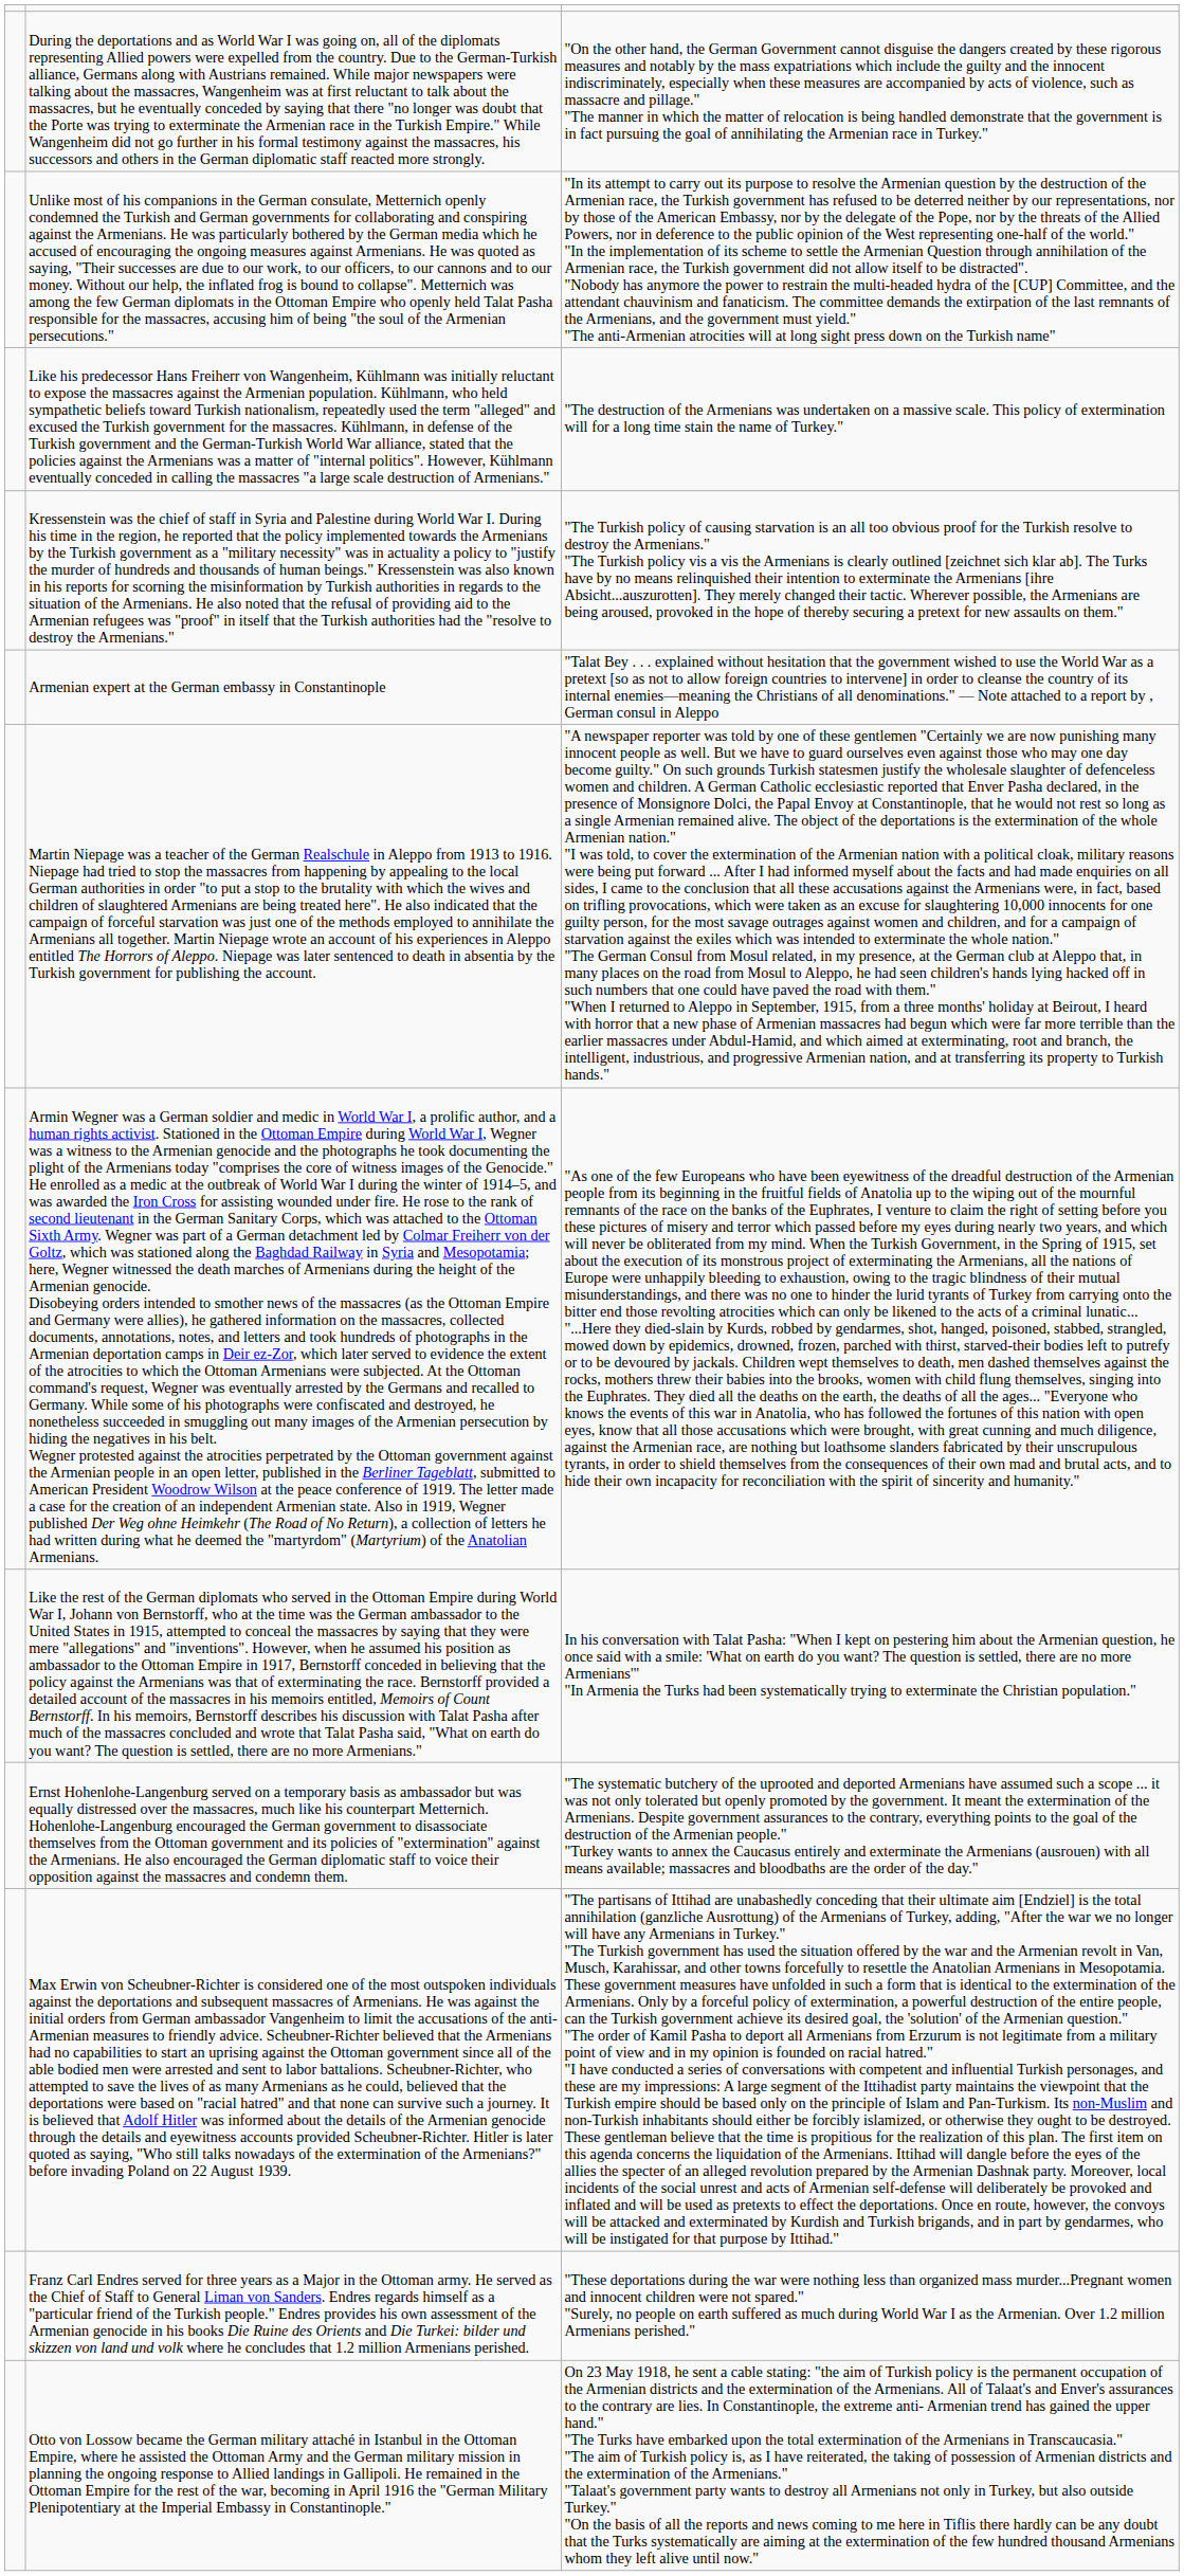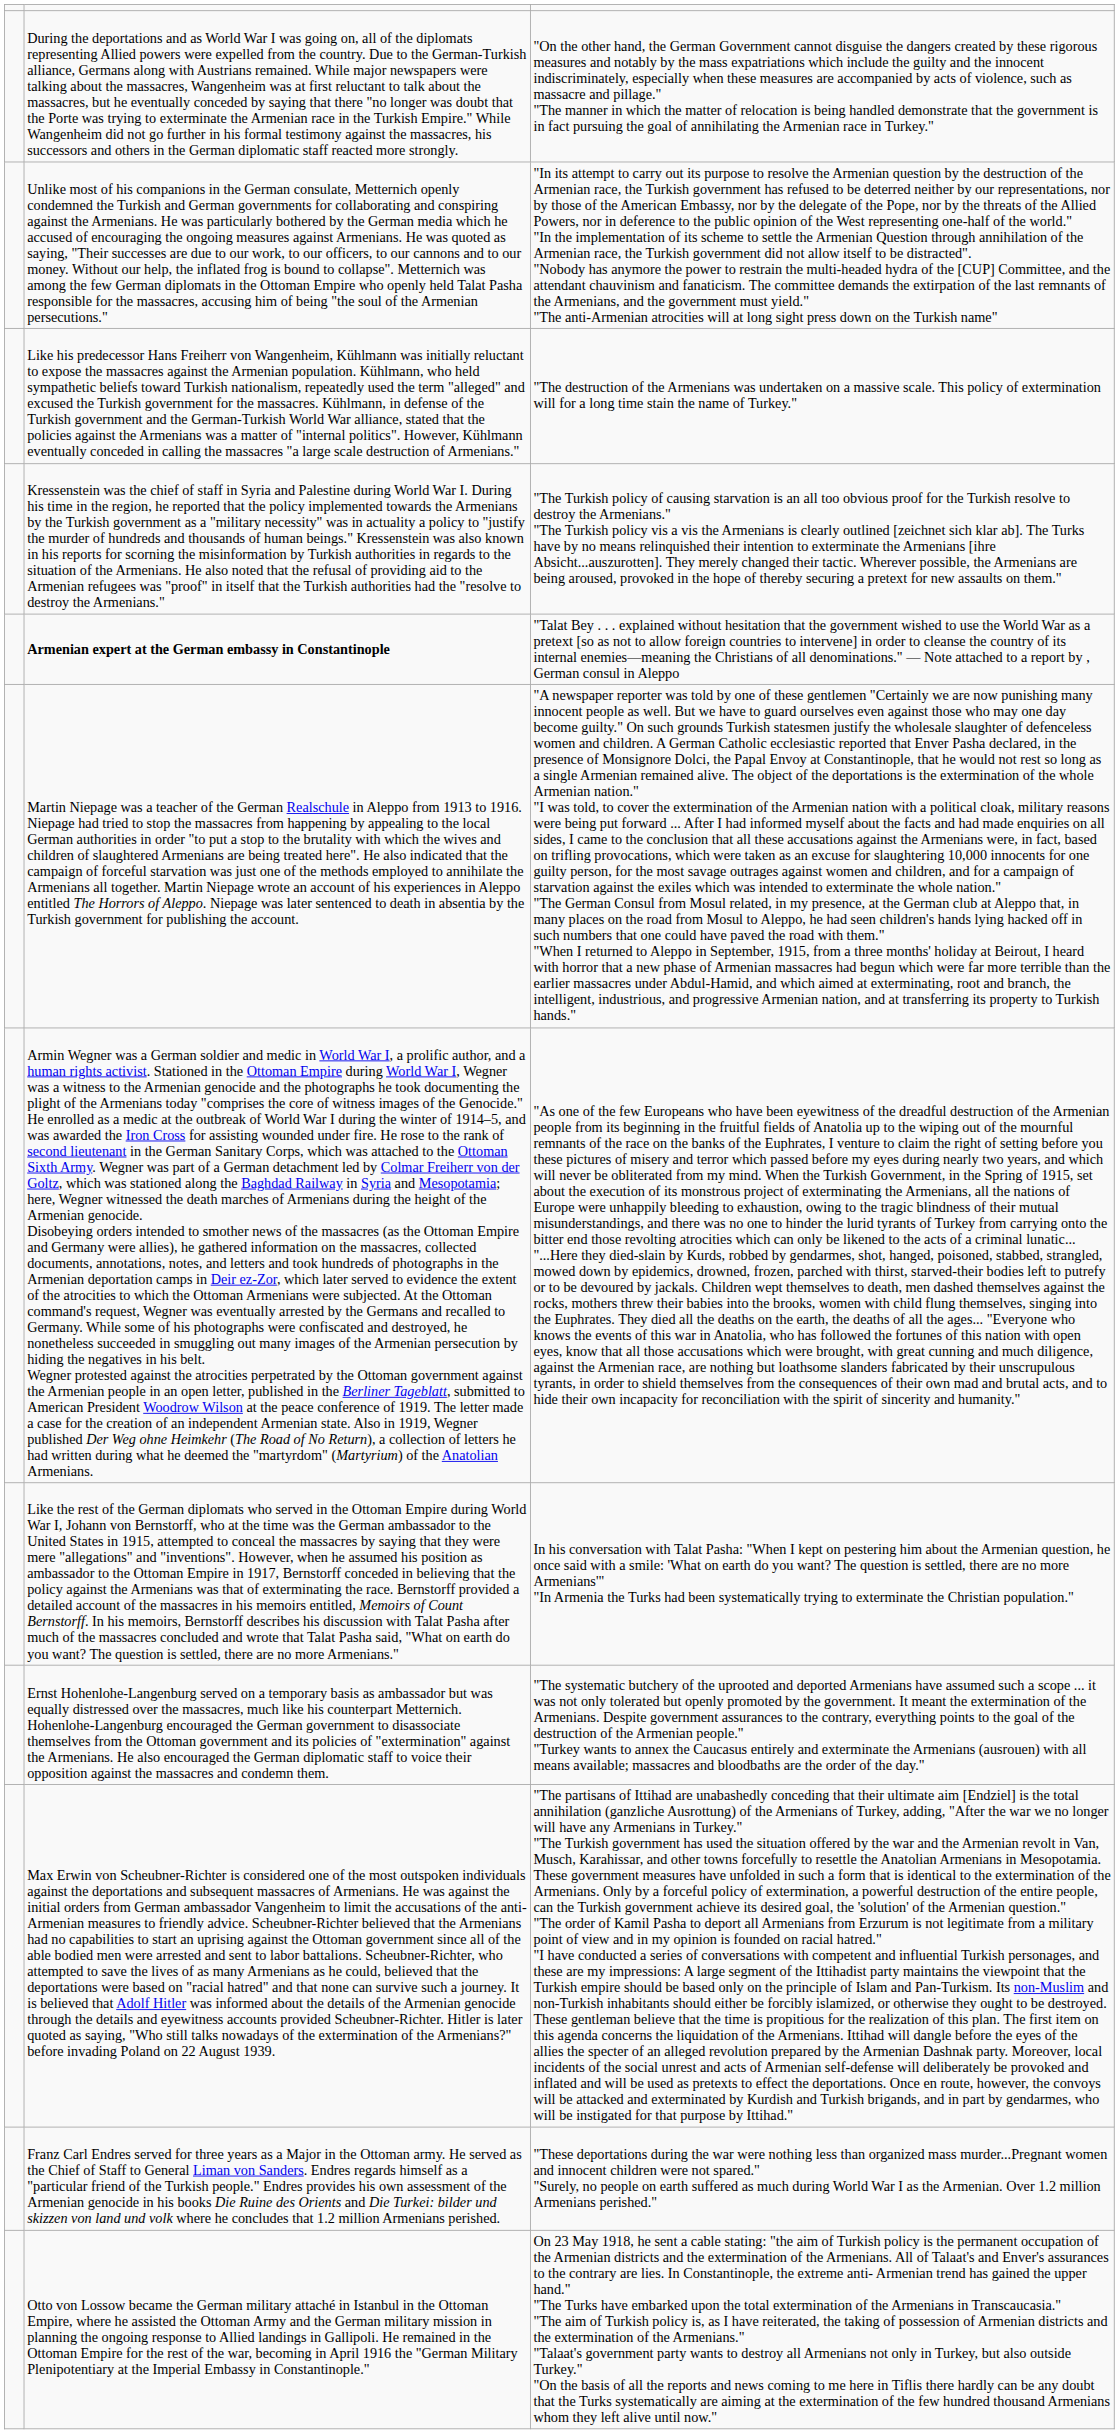 <table class="wikitable">
 <tr>
 <td style="width:1%;"></td>
 <td style="width:26%;"></td>
 <td style="width:30%;"></td>
 </tr>
 <tr>
 <td></td>
 <td><br>During the deportations and as World War I was going on, all of the diplomats representing Allied powers were expelled from the country. Due to the German-Turkish alliance, Germans along with Austrians remained. While major newspapers were talking about the massacres, Wangenheim was at first reluctant to talk about the massacres, but he eventually conceded by saying that there "no longer was doubt that the Porte was trying to exterminate the Armenian race in the Turkish Empire." While Wangenheim did not go further in his formal testimony against the massacres, his successors and others in the German diplomatic staff reacted more strongly.</td>
 <td>"On the other hand, the German Government cannot disguise the dangers created by these rigorous measures and notably by the mass expatriations which include the guilty and the innocent indiscriminately, especially when these measures are accompanied by acts of violence, such as massacre and pillage."<br>"The manner in which the matter of relocation is being handled demonstrate that the government is in fact pursuing the goal of annihilating the Armenian race in Turkey."</td>
 </tr>
 <tr>
 <td></td>
 <td><br>Unlike most of his companions in the German consulate, Metternich openly condemned the Turkish and German governments for collaborating and conspiring against the Armenians. He was particularly bothered by the German media which he accused of encouraging the ongoing measures against Armenians. He was quoted as saying, "Their successes are due to our work, to our officers, to our cannons and to our money. Without our help, the inflated frog is bound to collapse".  Metternich was among the few German diplomats in the Ottoman Empire who openly held Talat Pasha responsible for the massacres, accusing him of being "the soul of the Armenian persecutions."</td>
 <td>"In its attempt to carry out its purpose to resolve the Armenian question by the destruction of the Armenian race, the Turkish government has refused to be deterred neither by our representations, nor by those of the American Embassy, nor by the delegate of the Pope, nor by the threats of the Allied Powers, nor in deference to the public opinion of the West representing one-half of the world."<br>"In the implementation of its scheme to settle the Armenian Question through annihilation of the Armenian race, the Turkish government did not allow itself to be distracted".<br>"Nobody has anymore the power to restrain the multi-headed hydra of the [CUP] Committee, and the attendant chauvinism and fanaticism. The committee demands the extirpation of the last remnants of the Armenians, and the government must yield."<br>"The anti-Armenian atrocities will at long sight press down on the Turkish name"</td>
 </tr>
 <tr>
 <td></td>
 <td><br>Like his predecessor Hans Freiherr von Wangenheim, Kühlmann was initially reluctant to expose the massacres against the Armenian population. Kühlmann, who held sympathetic beliefs toward Turkish nationalism, repeatedly used the term "alleged" and excused the Turkish government for the massacres. Kühlmann, in defense of the Turkish government and the German-Turkish World War alliance, stated that the policies against the Armenians was a matter of "internal politics". However, Kühlmann eventually conceded in calling the massacres "a large scale destruction of Armenians."</td>
 <td>"The destruction of the Armenians was undertaken on a massive scale. This policy of extermination will for a long time stain the name of Turkey."</td>
 </tr>
 <tr>
 <td></td>
 <td><br>Kressenstein was the chief of staff in Syria and Palestine during World War I. During his time in the region, he reported that the policy implemented towards the Armenians by the Turkish government as a "military necessity" was in actuality a policy to "justify the murder of hundreds and thousands of human beings." Kressenstein was also known in his reports for scorning the misinformation by Turkish authorities in regards to the situation of the Armenians. He also noted that the refusal of providing aid to the Armenian refugees was "proof" in itself that the Turkish authorities had the "resolve to destroy the Armenians."</td>
 <td>"The Turkish policy of causing starvation is an all too obvious proof for the Turkish resolve to destroy the Armenians."<br>"The Turkish policy vis a vis the Armenians is clearly outlined [zeichnet sich klar ab]. The Turks have by no means relinquished their intention to exterminate the Armenians [ihre Absicht...auszurotten]. They merely changed their tactic. Wherever possible, the Armenians are being aroused, provoked in the hope of thereby securing a pretext for new assaults on them."</td>
 </tr>
 <tr>
 <td></td>
-<td>Armenian expert at the German embassy in Constantinople</td>
+<td><strong>Armenian expert at the German embassy in Constantinople</strong></td>
 <td>"Talat Bey . . . explained without hesitation that the government wished to use the World War as a pretext [so as not to allow foreign countries to intervene] in order to cleanse the country of its internal enemies—meaning the Christians of all denominations." — Note attached to a report by , German consul in Aleppo</td>
 </tr>
 <tr>
 <td></td>
 <td><br>Martin Niepage was a teacher of the German <a href='#'>Realschule</a> in Aleppo from 1913 to 1916. Niepage had tried to stop the massacres from happening by appealing to the local German authorities in order "to put a stop to the brutality with which the wives and children of slaughtered Armenians are being treated here". He also indicated that the campaign of forceful starvation was just one of the methods employed to annihilate the Armenians all together. Martin Niepage wrote an account of his experiences in Aleppo entitled <em>The Horrors of Aleppo</em>. Niepage was later sentenced to death in absentia by the Turkish government for publishing the account.</td>
 <td>"A newspaper reporter was told by one of these gentlemen "Certainly we are now punishing many innocent people as well. But we have to guard ourselves even against those who may one day become guilty." On such grounds Turkish statesmen justify the wholesale slaughter of defenceless women and children. A German Catholic ecclesiastic reported that Enver Pasha declared, in the presence of Monsignore Dolci, the Papal Envoy at Constantinople, that he would not rest so long as a single Armenian remained alive. The object of the deportations is the extermination of the whole Armenian nation."<br>"I was told, to cover the extermination of the Armenian nation with a political cloak, military reasons were being put forward ... After I had informed myself about the facts and had made enquiries on all sides, I came to the conclusion that all these accusations against the Armenians were, in fact, based on trifling provocations, which were taken as an excuse for slaughtering 10,000 innocents for one guilty person, for the most savage outrages against women and children, and for a campaign of starvation against the exiles which was intended to exterminate the whole nation."<br>"The German Consul from Mosul related, in my presence, at the German club at Aleppo that, in many places on the road from Mosul to Aleppo, he had seen children's hands lying hacked off in such numbers that one could have paved the road with them."<br>"When I returned to Aleppo in September, 1915, from a three months' holiday at Beirout, I heard with horror that a new phase of Armenian massacres had begun which were far more terrible than the earlier massacres under Abdul-Hamid, and which aimed at exterminating, root and branch, the intelligent, industrious, and progressive Armenian nation, and at transferring its property to Turkish hands."</td>
 </tr>
 <tr>
 <td></td>
 <td><br>Armin Wegner was a German soldier and medic in <a href='#'>World War I</a>, a prolific author, and a <a href='#'>human rights activist</a>. Stationed in the <a href='#'>Ottoman Empire</a> during <a href='#'>World War I</a>, Wegner was a witness to the Armenian genocide and the photographs he took documenting the plight of the Armenians today "comprises the core of witness images of the Genocide." He enrolled as a medic at the outbreak of World War I during the winter of 1914–5, and was awarded the <a href='#'>Iron Cross</a> for assisting wounded under fire. He rose to the rank of <a href='#'>second lieutenant</a> in the German Sanitary Corps, which was attached to the <a href='#'>Ottoman Sixth Army</a>. Wegner was part of a German detachment led by <a href='#'>Colmar Freiherr von der Goltz</a>, which was stationed along the <a href='#'>Baghdad Railway</a> in <a href='#'>Syria</a> and <a href='#'>Mesopotamia</a>; here, Wegner witnessed the death marches of Armenians during the height of the Armenian genocide.<br>Disobeying orders intended to smother news of the massacres (as the Ottoman Empire and Germany were allies), he gathered information on the massacres, collected documents, annotations, notes, and letters and took hundreds of photographs in the Armenian deportation camps in <a href='#'>Deir ez-Zor</a>, which later served to evidence the extent of the atrocities to which the Ottoman Armenians were subjected. At the Ottoman command's request, Wegner was eventually arrested by the Germans and recalled to Germany. While some of his photographs were confiscated and destroyed, he nonetheless succeeded in smuggling out many images of the Armenian persecution by hiding the negatives in his belt.<br>Wegner protested against the atrocities perpetrated by the Ottoman government against the Armenian people in an open letter, published in the <em><a href='#'>Berliner Tageblatt</a></em>, submitted to American President <a href='#'>Woodrow Wilson</a> at the peace conference of 1919. The letter made a case for the creation of an independent Armenian state. Also in 1919, Wegner published <em>Der Weg ohne Heimkehr</em> (<em>The Road of No Return</em>), a collection of letters he had written during what he deemed the "martyrdom" (<em>Martyrium</em>) of the <a href='#'>Anatolian</a> Armenians.</td>
 <td>"As one of the few Europeans who have been eyewitness of the dreadful destruction of the Armenian people from its beginning in the fruitful fields of Anatolia up to the wiping out of the mournful remnants of the race on the banks of the Euphrates, I venture to claim the right of setting before you these pictures of misery and terror which passed before my eyes during nearly two years, and which will never be obliterated from my mind. When the Turkish Government, in the Spring of 1915, set about the execution of its monstrous project of exterminating the Armenians, all the nations of Europe were unhappily bleeding to exhaustion, owing to the tragic blindness of their mutual misunderstandings, and there was no one to hinder the lurid tyrants of Turkey from carrying onto the bitter end those revolting atrocities which can only be likened to the acts of a criminal lunatic...<br>"...Here they died-slain by Kurds, robbed by gendarmes, shot, hanged, poisoned, stabbed, strangled, mowed down by epidemics, drowned, frozen, parched with thirst, starved-their bodies left to putrefy or to be devoured by jackals. Children wept themselves to death, men dashed themselves against the rocks, mothers threw their babies into the brooks, women with child flung themselves, singing into the Euphrates. They died all the deaths on the earth, the deaths of all the ages... "Everyone who knows the events of this war in Anatolia, who has followed the fortunes of this nation with open eyes, know that all those accusations which were brought, with great cunning and much diligence, against the Armenian race, are nothing but loathsome slanders fabricated by their unscrupulous tyrants, in order to shield themselves from the consequences of their own mad and brutal acts, and to hide their own incapacity for reconciliation with the spirit of sincerity and humanity."</td>
 </tr>
 <tr>
 <td></td>
 <td><br>Like the rest of the German diplomats who served in the Ottoman Empire during World War I, Johann von Bernstorff, who at the time was the German ambassador to the United States in 1915, attempted to conceal the massacres by saying that they were mere "allegations" and "inventions". However, when he assumed his position as ambassador to the Ottoman Empire in 1917, Bernstorff conceded in believing that the policy against the Armenians was that of exterminating the race. Bernstorff provided a detailed account of the massacres in his memoirs entitled, <em>Memoirs of Count Bernstorff</em>. In his memoirs, Bernstorff describes his discussion with Talat Pasha after much of the massacres concluded and wrote that Talat Pasha said, "What on earth do you want? The question is settled, there are no more Armenians."</td>
 <td>In his conversation with Talat Pasha: "When I kept on pestering him about the Armenian question, he once said with a smile: 'What on earth do you want? The question is settled, there are no more Armenians'"<br>"In Armenia the Turks had been systematically trying to exterminate the Christian population."</td>
 </tr>
 <tr>
 <td></td>
 <td><br>Ernst Hohenlohe-Langenburg served on a temporary basis as ambassador but was equally distressed over the massacres, much like his counterpart Metternich. Hohenlohe-Langenburg encouraged the German government to disassociate themselves from the Ottoman government and its policies of "extermination" against the Armenians. He also encouraged the German diplomatic staff to voice their opposition against the massacres and condemn them.</td>
 <td>"The systematic butchery of the uprooted and deported Armenians have assumed such a scope ... it was not only tolerated but openly promoted by the government. It meant the extermination of the Armenians. Despite government assurances to the contrary, everything points to the goal of the destruction of the Armenian people."<br>"Turkey wants to annex the Caucasus entirely and exterminate the Armenians (ausrouen) with all means available; massacres and bloodbaths are the order of the day."</td>
 </tr>
 <tr>
 <td></td>
 <td><br>Max Erwin von Scheubner-Richter is considered one of the most outspoken individuals against the deportations and subsequent massacres of Armenians. He was against the initial orders from German ambassador Vangenheim to limit the accusations of the anti-Armenian measures to friendly advice. Scheubner-Richter believed that the Armenians had no capabilities to start an uprising against the Ottoman government since all of the able bodied men were arrested and sent to labor battalions. Scheubner-Richter, who attempted to save the lives of as many Armenians as he could, believed that the deportations were based on "racial hatred" and that none can survive such a journey. It is believed that <a href='#'>Adolf Hitler</a> was informed about the details of the Armenian genocide through the details and eyewitness accounts provided Scheubner-Richter. Hitler is later quoted as saying, "Who still talks nowadays of the extermination of the Armenians?" before invading Poland on 22 August 1939.</td>
 <td>"The partisans of Ittihad are unabashedly conceding that their ultimate aim [Endziel] is the total annihilation (ganzliche Ausrottung) of the Armenians of Turkey, adding, "After the war we no longer will have any Armenians in Turkey."<br>"The Turkish government has used the situation offered by the war and the Armenian revolt in Van, Musch, Karahissar, and other towns forcefully to resettle the Anatolian Armenians in Mesopotamia. These government measures have unfolded in such a form that is identical to the extermination of the Armenians. Only by a forceful policy of extermination, a powerful destruction of the entire people, can the Turkish government achieve its desired goal, the 'solution' of the Armenian question."<br>"The order of Kamil Pasha to deport all Armenians from Erzurum is not legitimate from a military point of view and in my opinion is founded on racial hatred."<br>"I have conducted a series of conversations with competent and influential Turkish personages, and these are my impressions: A large segment of the Ittihadist party maintains the viewpoint that the Turkish empire should be based only on the principle of Islam and Pan-Turkism. Its <a href='#'>non-Muslim</a> and non-Turkish inhabitants should either be forcibly islamized, or otherwise they ought to be destroyed. These gentleman believe that the time is propitious for the realization of this plan. The first item on this agenda concerns the liquidation of the Armenians. Ittihad will dangle before the eyes of the allies the specter of an alleged revolution prepared by the Armenian Dashnak party. Moreover, local incidents of the social unrest and acts of Armenian self-defense will deliberately be provoked and inflated and will be used as pretexts to effect the deportations. Once en route, however, the convoys will be attacked and exterminated by Kurdish and Turkish brigands, and in part by gendarmes, who will be instigated for that purpose by Ittihad."</td>
 </tr>
 <tr>
 <td></td>
 <td><br>Franz Carl Endres served for three years as a Major in the Ottoman army. He served as the Chief of Staff to General <a href='#'>Liman von Sanders</a>. Endres regards himself as a "particular friend of the Turkish people." Endres provides his own assessment of the Armenian genocide in his books <em>Die Ruine des Orients</em> and <em>Die Turkei: bilder und skizzen von land und volk</em> where he concludes that 1.2 million Armenians perished.</td>
 <td>"These deportations during the war were nothing less than organized mass murder...Pregnant women and innocent children were not spared."<br>"Surely, no people on earth suffered as much during World War I as the Armenian. Over 1.2 million Armenians perished."</td>
 </tr>
 <tr>
 <td></td>
 <td><br>Otto von Lossow became the German military attaché in Istanbul in the Ottoman Empire, where he assisted the Ottoman Army and the German military mission in planning the ongoing response to Allied landings in Gallipoli. He remained in the Ottoman Empire for the rest of the war, becoming in April 1916 the "German Military Plenipotentiary at the Imperial Embassy in Constantinople."</td>
 <td>On 23 May 1918, he sent a cable stating: "the aim of Turkish policy is the permanent occupation of the Armenian districts and the extermination of the Armenians. All of Talaat's and Enver's assurances to the contrary are lies. In Constantinople, the extreme anti- Armenian trend has gained the upper hand."<br>"The Turks have embarked upon the total extermination of the Armenians in Transcaucasia."<br>"The aim of Turkish policy is, as I have reiterated, the taking of possession of Armenian districts and the extermination of the Armenians."<br>"Talaat's government party wants to destroy all Armenians not only in Turkey, but also outside Turkey."<br>"On the basis of all the reports and news coming to me here in Tiflis there hardly can be any doubt that the Turks systematically are aiming at the extermination of the few hundred thousand Armenians whom they left alive until now."</td>
 </tr>
 </table>
